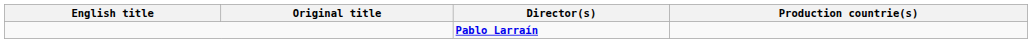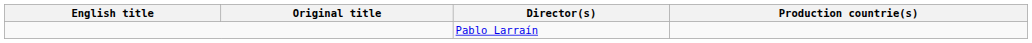 <table class="sortable wikitable" style="width:100%; margin-bottom:4px" cellpadding="5">
 <tr>
 <th scope="col">English title</th>
 <th scope="col">Original title</th>
 <th scope="col">Director(s)</th>
 <th scope="col">Production countrie(s)</th>
 </tr>
 <tr>
 <td colspan = "2"></td>
-<td><strong><a href='#'>Pablo Larraín</a></strong></td>
+<td><a href='#'>Pablo Larraín</a></td>
 <td></td>
 </tr>
 </table>
